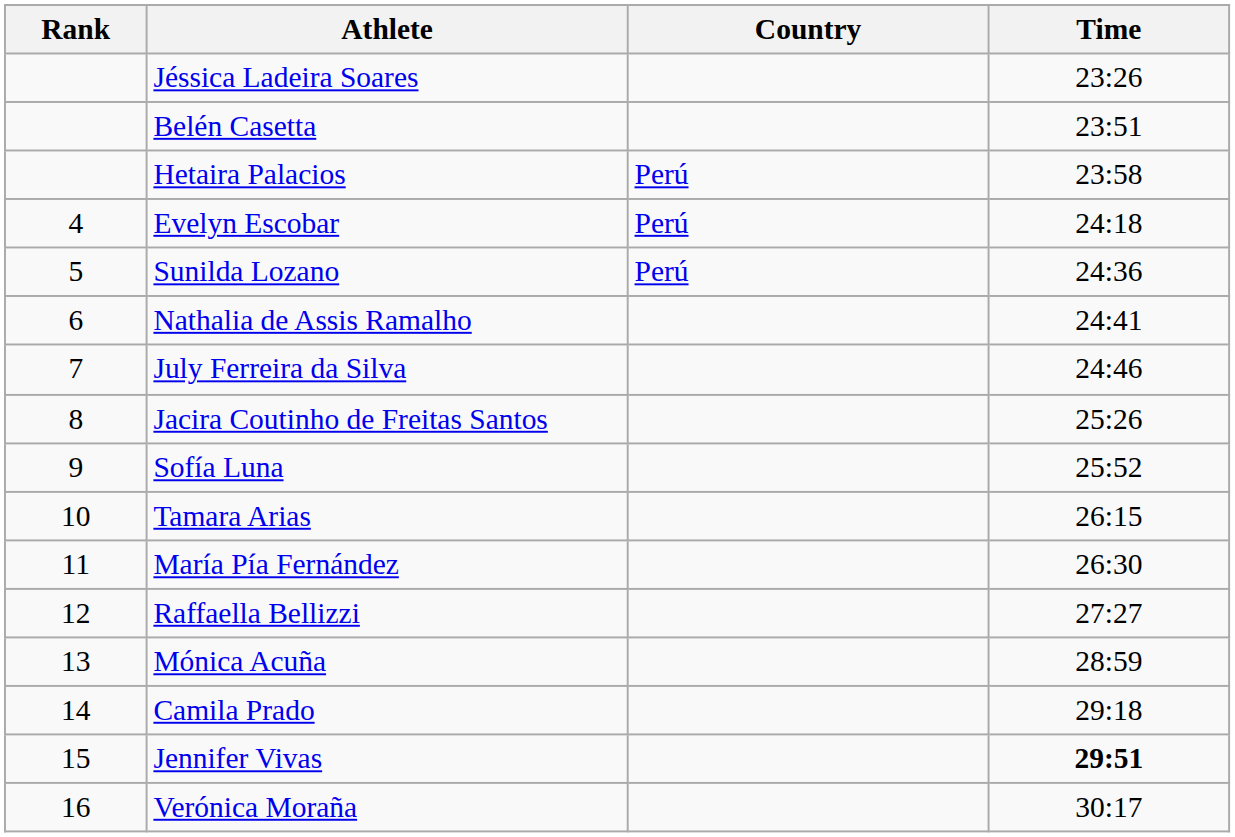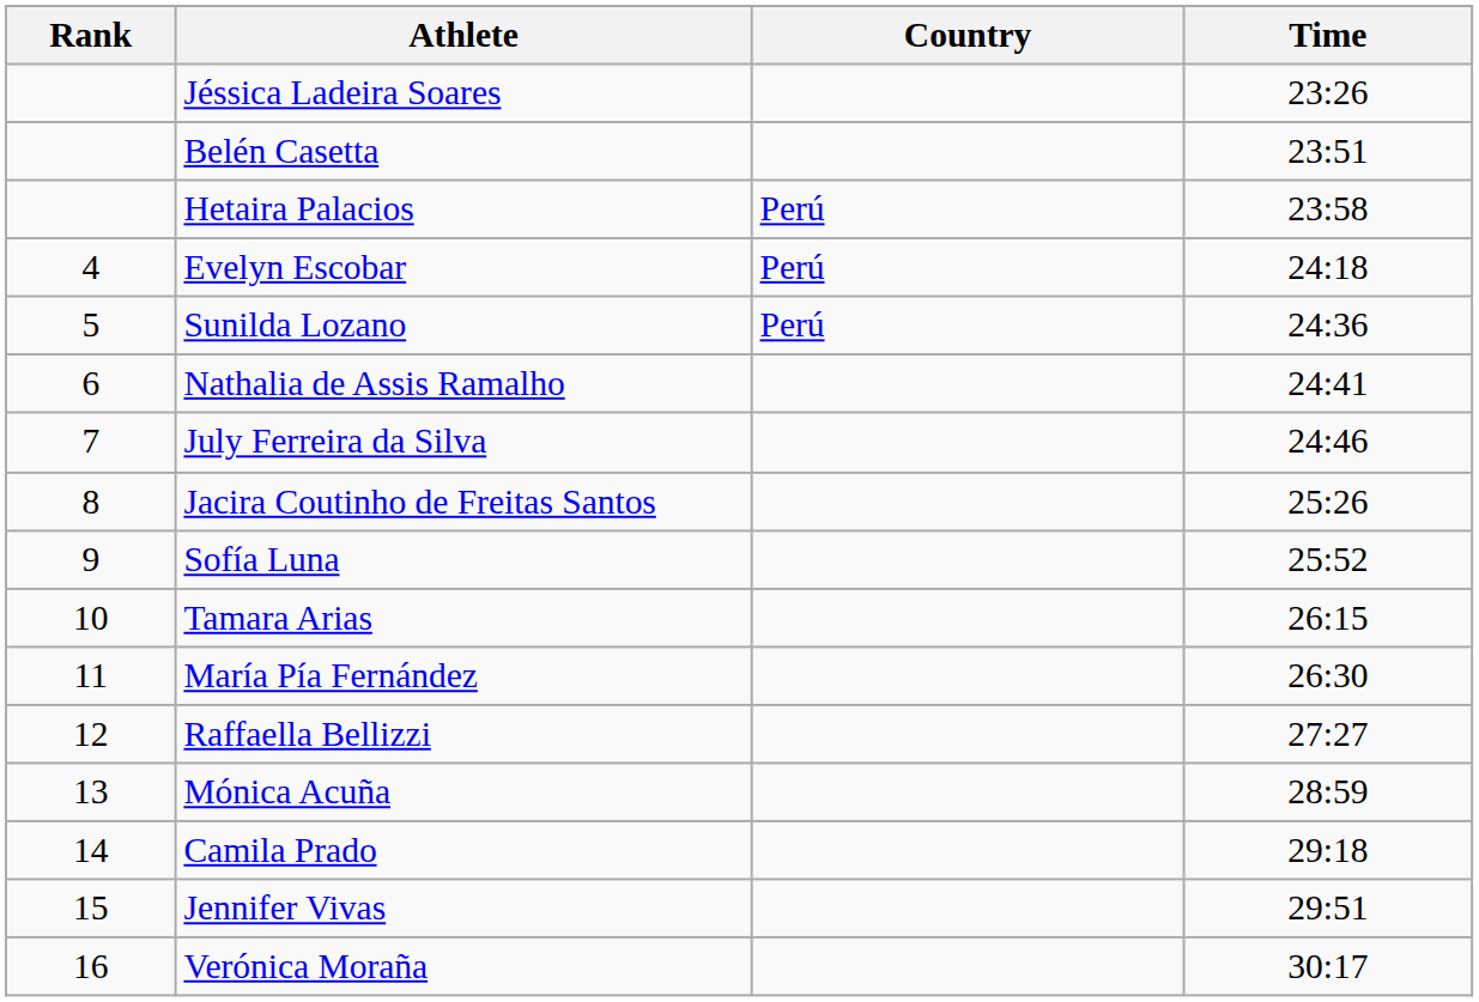 <table class="wikitable sortable" style=" text-align:center; font-size:95%;" width="50%">
 <tr>
 </tr>
 <tr>
 <th width=5%>Rank</th>
 <th width=20%>Athlete</th>
 <th width=15%>Country</th>
 <th width=10%>Time</th>
 </tr>
 <tr>
 <td align=center></td>
 <td align=left><a href='#'>Jéssica Ladeira Soares</a></td>
 <td align=left></td>
 <td>23:26</td>
 </tr>
 <tr>
 <td align=center></td>
 <td align=left><a href='#'>Belén Casetta</a></td>
 <td align=left></td>
 <td>23:51</td>
 </tr>
 <tr>
 <td align=center></td>
 <td align=left><a href='#'>Hetaira Palacios</a></td>
 <td align=left> <a href='#'>Perú</a></td>
 <td>23:58</td>
 </tr>
 <tr>
 <td align=center>4</td>
 <td align=left><a href='#'>Evelyn Escobar</a></td>
 <td align=left> <a href='#'>Perú</a></td>
 <td>24:18</td>
 </tr>
 <tr>
 <td align=center>5</td>
 <td align=left><a href='#'>Sunilda Lozano</a></td>
 <td align=left> <a href='#'>Perú</a></td>
 <td>24:36</td>
 </tr>
 <tr>
 <td align=center>6</td>
 <td align=left><a href='#'>Nathalia de Assis Ramalho</a></td>
 <td align=left></td>
 <td>24:41</td>
 </tr>
 <tr>
 <td align=center>7</td>
 <td align=left><a href='#'>July Ferreira da Silva</a></td>
 <td align=left></td>
 <td>24:46</td>
 </tr>
 <tr>
 <td align=center>8</td>
 <td align=left><a href='#'>Jacira Coutinho de Freitas Santos</a></td>
 <td align=left></td>
 <td>25:26</td>
 </tr>
 <tr>
 <td align=center>9</td>
 <td align=left><a href='#'>Sofía Luna</a></td>
 <td align=left></td>
 <td>25:52</td>
 </tr>
 <tr>
 <td align=center>10</td>
 <td align=left><a href='#'>Tamara Arias</a></td>
 <td align=left></td>
 <td>26:15</td>
 </tr>
 <tr>
 <td align=center>11</td>
 <td align=left><a href='#'>María Pía Fernández</a></td>
 <td align=left></td>
 <td>26:30</td>
 </tr>
 <tr>
 <td align=center>12</td>
 <td align=left><a href='#'>Raffaella Bellizzi</a></td>
 <td align=left></td>
 <td>27:27</td>
 </tr>
 <tr>
 <td align=center>13</td>
 <td align=left><a href='#'>Mónica Acuña</a></td>
 <td align=left></td>
 <td>28:59</td>
 </tr>
 <tr>
 <td align=center>14</td>
 <td align=left><a href='#'>Camila Prado</a></td>
 <td align=left></td>
 <td>29:18</td>
 </tr>
 <tr>
 <td align=center>15</td>
 <td align=left><a href='#'>Jennifer Vivas</a></td>
 <td align=left></td>
-<td><strong>29:51</strong></td>
+<td>29:51</td>
 </tr>
 <tr>
 <td align=center>16</td>
 <td align=left><a href='#'>Verónica Moraña</a></td>
 <td align=left></td>
 <td>30:17</td>
 </tr>
 </table>
